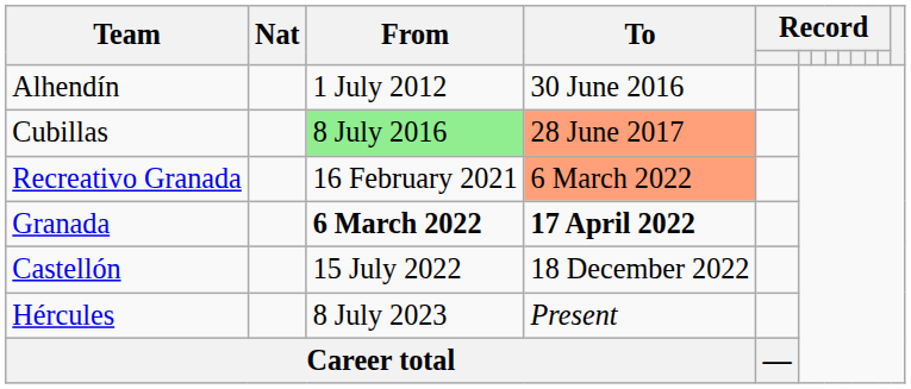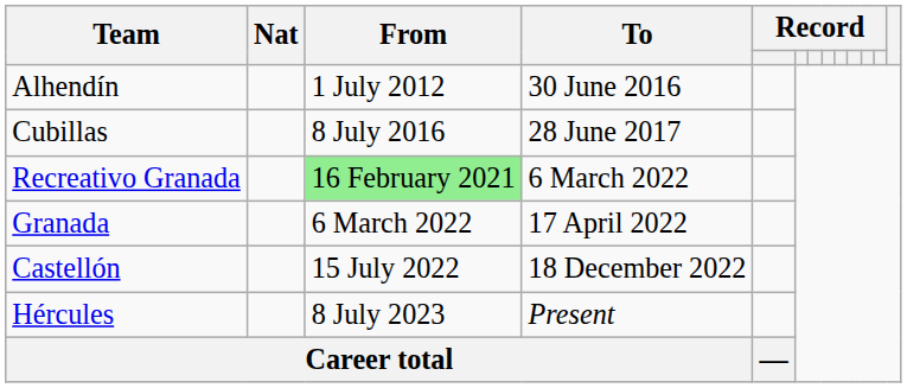 <table class="wikitable" style="text-align: center">
 <tr>
 <th rowspan="2">Team</th>
 <th rowspan="2">Nat</th>
 <th rowspan="2">From</th>
 <th rowspan="2">To</th>
 <th colspan="8">Record</th>
 <th rowspan=2></th>
 </tr>
 <tr>
 <th></th>
 <th></th>
 <th></th>
 <th></th>
 <th></th>
 <th></th>
 <th></th>
 <th></th>
 </tr>
 <tr>
 <td align="left">Alhendín</td>
 <td></td>
 <td align=left>1 July 2012</td>
 <td align=left>30 June 2016<br></td>
 <td></td>
 </tr>
 <tr>
 <td align="left">Cubillas</td>
 <td></td>
-<td align=left style="background: lightgreen;">8 July 2016</td>
-<td align=left style="background: lightsalmon;">28 June 2017<br></td>
+<td align=left>8 July 2016</td>
+<td align=left>28 June 2017<br></td>
 <td></td>
 </tr>
 <tr>
 <td align="left"><a href='#'>Recreativo Granada</a></td>
 <td></td>
-<td align=left>16 February 2021</td>
-<td align=left style="background: lightsalmon;">6 March 2022<br></td>
+<td align=left style="background: lightgreen;">16 February 2021</td>
+<td align=left>6 March 2022<br></td>
 <td></td>
 </tr>
 <tr>
 <td align=left><a href='#'>Granada</a></td>
 <td></td>
-<td align=left><strong>6 March 2022</strong></td>
-<td align=left><strong>17 April 2022<br></strong></td>
+<td align=left>6 March 2022</td>
+<td align=left>17 April 2022<br></td>
 <td></td>
 </tr>
 <tr>
 <td align=left><a href='#'>Castellón</a></td>
 <td></td>
 <td align=left>15 July 2022</td>
 <td align=left>18 December 2022<br></td>
 <td></td>
 </tr>
 <tr>
 <td align=left><a href='#'>Hércules</a></td>
 <td></td>
 <td align=left>8 July 2023</td>
 <td align=left><em>Present</em><br></td>
 <td></td>
 </tr>
 <tr>
 <th colspan=4>Career total<br></th>
 <th>—</th>
 </tr>
 </table>
